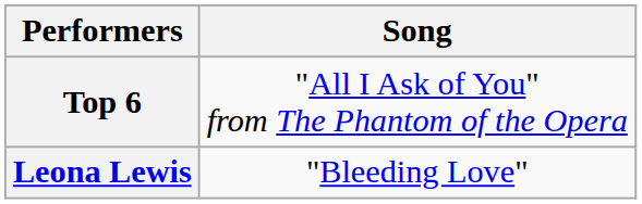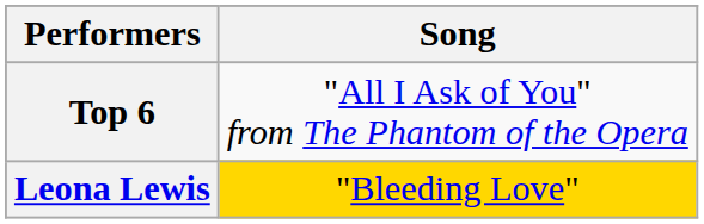 <table class="wikitable unsortable" style="text-align:center;">
 <tr>
 <th scope="col">Performers</th>
 <th scope="col">Song</th>
 </tr>
 <tr>
 <th scope="row">Top 6</th>
 <td>"<a href='#'>All I Ask of You</a>"<br><em>from <a href='#'>The Phantom of the Opera</a></em></td>
 </tr>
 <tr>
 <th scope="row"><a href='#'>Leona Lewis</a></th>
-<td>"<a href='#'>Bleeding Love</a>"</td>
+<td style="background: gold;">"<a href='#'>Bleeding Love</a>"</td>
 </tr>
 </table>
